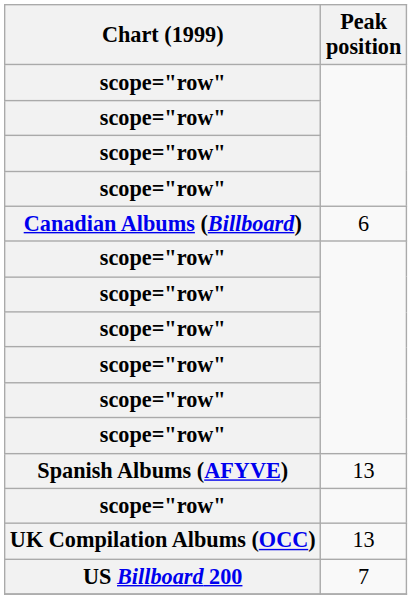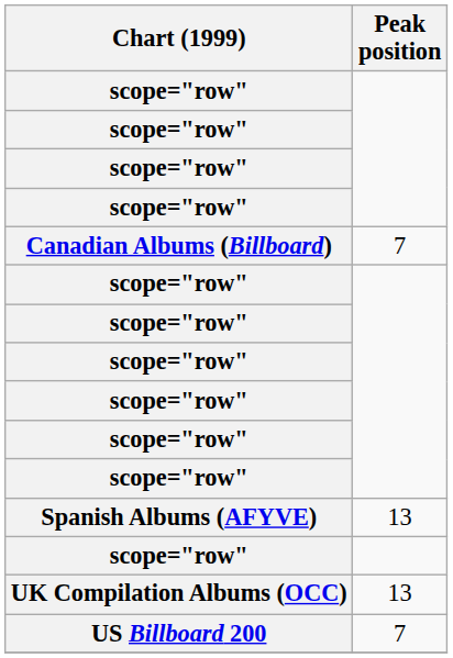 <table class="wikitable sortable plainrowheaders" style="text-align:center;">
 <tr>
 <th scope="col">Chart (1999)</th>
 <th scope="col">Peak<br>position</th>
 </tr>
 <tr>
 <th>scope="row" </th>
 </tr>
 <tr>
 <th>scope="row" </th>
 </tr>
 <tr>
 <th>scope="row" </th>
 </tr>
 <tr>
 <th>scope="row" </th>
 </tr>
 <tr>
 <th scope="row"><a href='#'>Canadian Albums</a> (<em><a href='#'>Billboard</a></em>)</th>
-<td>6</td>
+<td>7</td>
 </tr>
 <tr>
 <th>scope="row" </th>
 </tr>
 <tr>
 <th>scope="row" </th>
 </tr>
 <tr>
 <th>scope="row" </th>
 </tr>
 <tr>
 <th>scope="row" </th>
 </tr>
 <tr>
 <th>scope="row" </th>
 </tr>
 <tr>
 <th>scope="row" </th>
 </tr>
 <tr>
 <th scope="row">Spanish Albums (<a href='#'>AFYVE</a>)</th>
 <td align="center">13</td>
 </tr>
 <tr>
 <th>scope="row" </th>
 </tr>
 <tr>
 <th scope="row">UK Compilation Albums (<a href='#'>OCC</a>)</th>
 <td>13</td>
 </tr>
 <tr>
 <th scope="row">US <a href='#'><em>Billboard</em> 200</a></th>
 <td>7</td>
 </tr>
 <tr>
 </tr>
 </table>
